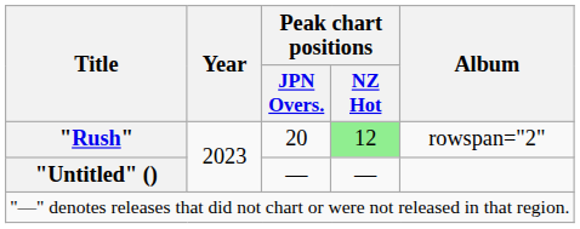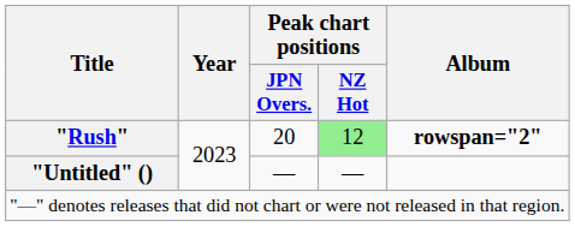 <table class="wikitable plainrowheaders" style="text-align:center">
 <tr>
 <th scope="col" rowspan="2">Title</th>
 <th scope="col" rowspan="2">Year</th>
 <th scope="col" colspan="2">Peak chart positions</th>
 <th scope="col" rowspan="2">Album</th>
 </tr>
 <tr>
 <th scope="col" style="font-size:90%; width:3em"><a href='#'>JPN<br>Overs.</a><br></th>
 <th scope="col" style="font-size:90%; width:3em"><a href='#'>NZ<br>Hot</a><br></th>
 </tr>
 <tr>
 <th scope="row">"<a href='#'>Rush</a>"<br></th>
 <td rowspan="2">2023</td>
 <td>20</td>
 <td style="background: lightgreen;">12</td>
-<td>rowspan="2" </td>
+<td><strong>rowspan="2" </strong></td>
 </tr>
 <tr>
 <th scope="row">"Untitled" ()<br></th>
 <td>—</td>
 <td>—</td>
 </tr>
 <tr>
 <td colspan="5" style="font-size:85%">"—" denotes releases that did not chart or were not released in that region.</td>
 </tr>
 </table>
